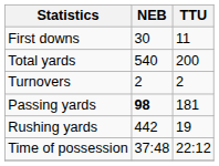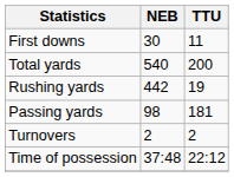 <table class="wikitable">
 <tr>
 <th>Statistics</th>
 <th>NEB</th>
 <th>TTU</th>
 </tr>
 <tr>
 <td>First downs</td>
 <td>30</td>
 <td>11</td>
 </tr>
 <tr>
 <td>Total yards</td>
 <td>540</td>
 <td>200</td>
 </tr>
 <tr>
+<td>Rushing yards</td>
+<td>442</td>
+<td>19</td>
+</tr>
+<tr>
+<td>Passing yards</td>
+<td>98</td>
+<td>181</td>
+</tr>
+<tr>
 <td>Turnovers</td>
 <td>2</td>
 <td>2</td>
-</tr>
-<tr>
-<td>Passing yards</td>
-<td><strong>98</strong></td>
-<td>181</td>
-</tr>
-<tr>
-<td>Rushing yards</td>
-<td>442</td>
-<td>19</td>
 </tr>
 <tr>
 <td>Time of possession</td>
 <td>37:48</td>
 <td>22:12</td>
 </tr>
 <tr>
 </tr>
 </table>
